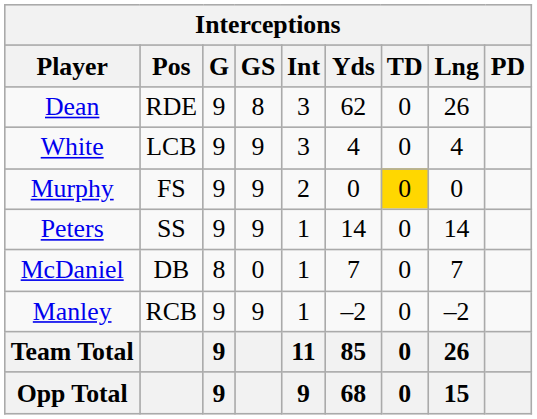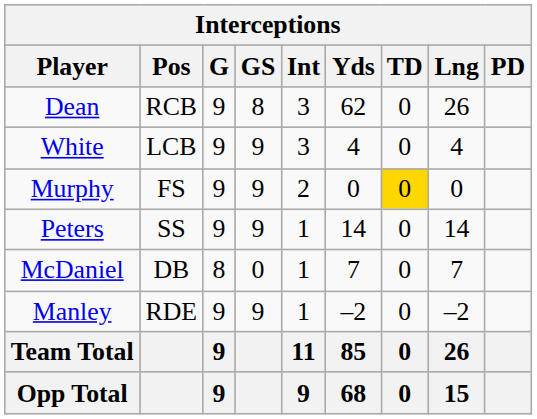 <table class="wikitable" style="text-align:center">
 <tr>
 <th colspan="9">Interceptions</th>
 </tr>
 <tr>
 <th>Player</th>
 <th>Pos</th>
 <th>G</th>
 <th>GS</th>
 <th>Int</th>
 <th>Yds</th>
 <th>TD</th>
 <th>Lng</th>
 <th>PD</th>
 </tr>
 <tr>
 <td><a href='#'>Dean</a></td>
-<td>RDE</td>
+<td>RCB</td>
 <td>9</td>
 <td>8</td>
 <td>3</td>
 <td>62</td>
 <td>0</td>
 <td>26</td>
 <td></td>
 </tr>
 <tr>
 <td><a href='#'>White</a></td>
 <td>LCB</td>
 <td>9</td>
 <td>9</td>
 <td>3</td>
 <td>4</td>
 <td>0</td>
 <td>4</td>
 <td></td>
 </tr>
 <tr>
 <td><a href='#'>Murphy</a></td>
 <td>FS</td>
 <td>9</td>
 <td>9</td>
 <td>2</td>
 <td>0</td>
 <td style="background: gold;">0</td>
 <td>0</td>
 <td></td>
 </tr>
 <tr>
 <td><a href='#'>Peters</a></td>
 <td>SS</td>
 <td>9</td>
 <td>9</td>
 <td>1</td>
 <td>14</td>
 <td>0</td>
 <td>14</td>
 <td></td>
 </tr>
 <tr>
 <td><a href='#'>McDaniel</a></td>
 <td>DB</td>
 <td>8</td>
 <td>0</td>
 <td>1</td>
 <td>7</td>
 <td>0</td>
 <td>7</td>
 <td></td>
 </tr>
 <tr>
 <td><a href='#'>Manley</a></td>
-<td>RCB</td>
+<td>RDE</td>
 <td>9</td>
 <td>9</td>
 <td>1</td>
 <td>–2</td>
 <td>0</td>
 <td>–2</td>
 <td></td>
 </tr>
 <tr>
 <th>Team Total</th>
 <th></th>
 <th>9</th>
 <th></th>
 <th>11</th>
 <th>85</th>
 <th>0</th>
 <th>26</th>
 <th></th>
 </tr>
 <tr>
 <th>Opp Total</th>
 <th></th>
 <th>9</th>
 <th></th>
 <th>9</th>
 <th>68</th>
 <th>0</th>
 <th>15</th>
 <th></th>
 </tr>
 </table>
